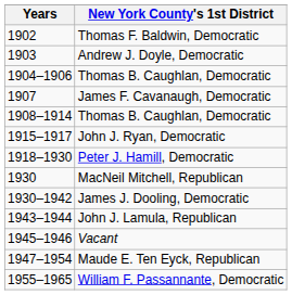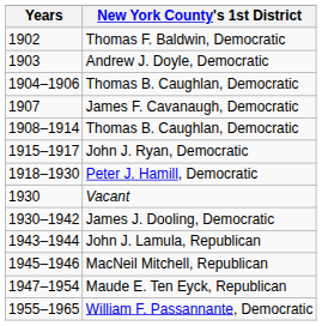 <table class="wikitable mw-collapsible mw-collapsed">
 <tr>
 </tr>
 <tr>
 <th>Years</th>
 <th><a href='#'>New York County</a>'s 1st District </th>
 </tr>
 <tr>
 <td>1902</td>
 <td>Thomas F. Baldwin, Democratic </td>
 </tr>
 <tr>
 <td>1903</td>
 <td>Andrew J. Doyle, Democratic</td>
 </tr>
 <tr>
 <td>1904–1906</td>
 <td>Thomas B. Caughlan, Democratic</td>
 </tr>
 <tr>
 <td>1907</td>
 <td>James F. Cavanaugh, Democratic</td>
 </tr>
 <tr>
 <td>1908–1914</td>
 <td>Thomas B. Caughlan, Democratic</td>
 </tr>
 <tr>
 <td>1915–1917</td>
 <td>John J. Ryan, Democratic</td>
 </tr>
 <tr>
 <td>1918–1930</td>
 <td><a href='#'>Peter J. Hamill</a>, Democratic</td>
 </tr>
 <tr>
 <td>1930</td>
-<td>MacNeil Mitchell, Republican</td>
+<td><em>Vacant</em></td>
 </tr>
 <tr>
 <td>1930–1942</td>
 <td>James J. Dooling, Democratic</td>
 </tr>
 <tr>
 <td>1943–1944</td>
 <td>John J. Lamula, Republican</td>
 </tr>
 <tr>
 <td>1945–1946</td>
-<td><em>Vacant</em></td>
+<td>MacNeil Mitchell, Republican</td>
 </tr>
 <tr>
 <td>1947–1954</td>
 <td>Maude E. Ten Eyck, Republican</td>
 </tr>
 <tr>
 <td>1955–1965</td>
 <td><a href='#'>William F. Passannante</a>, Democratic</td>
 </tr>
 </table>
